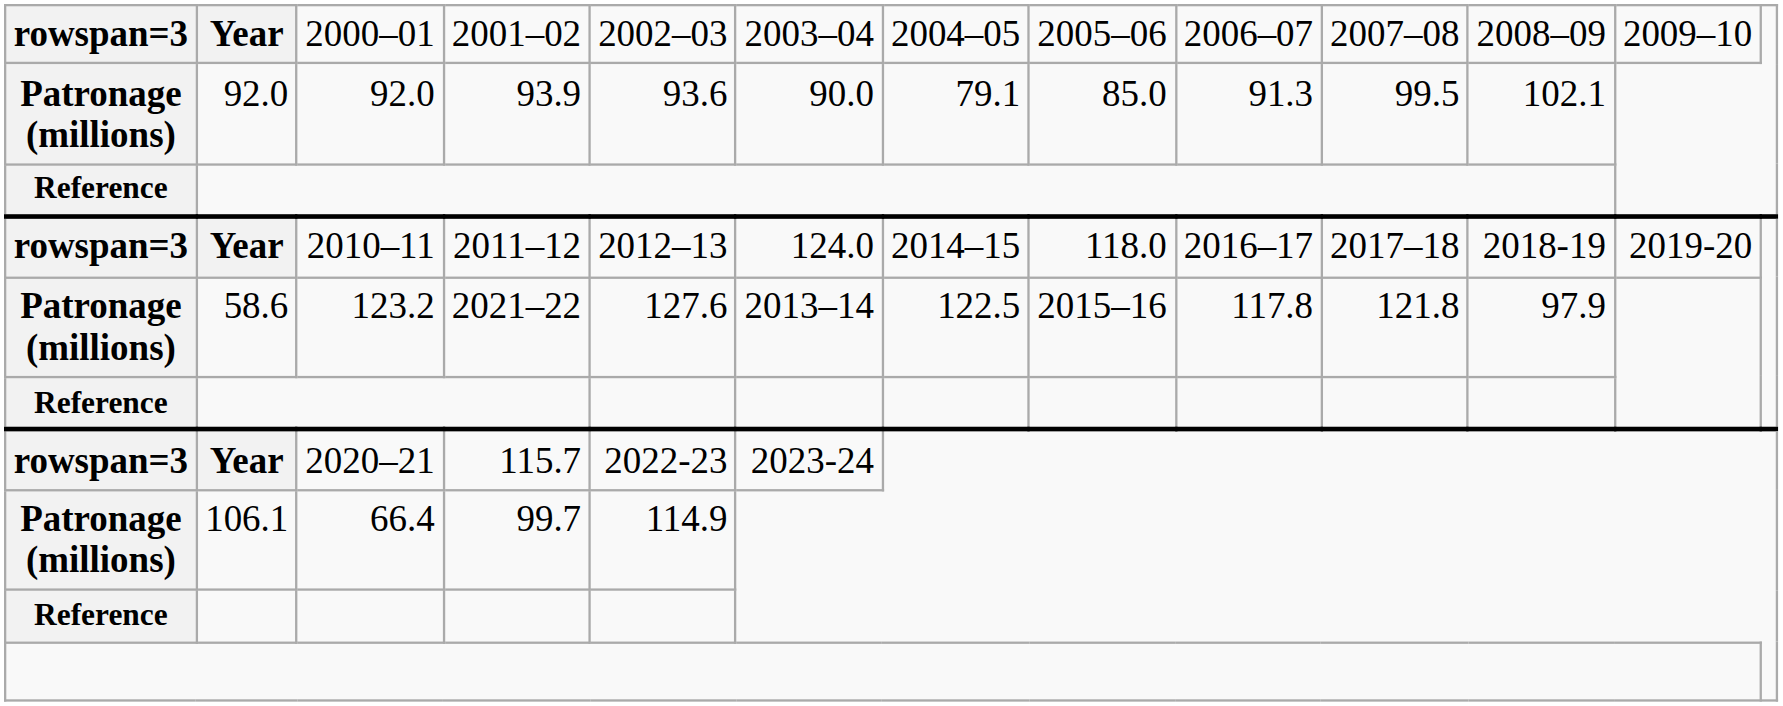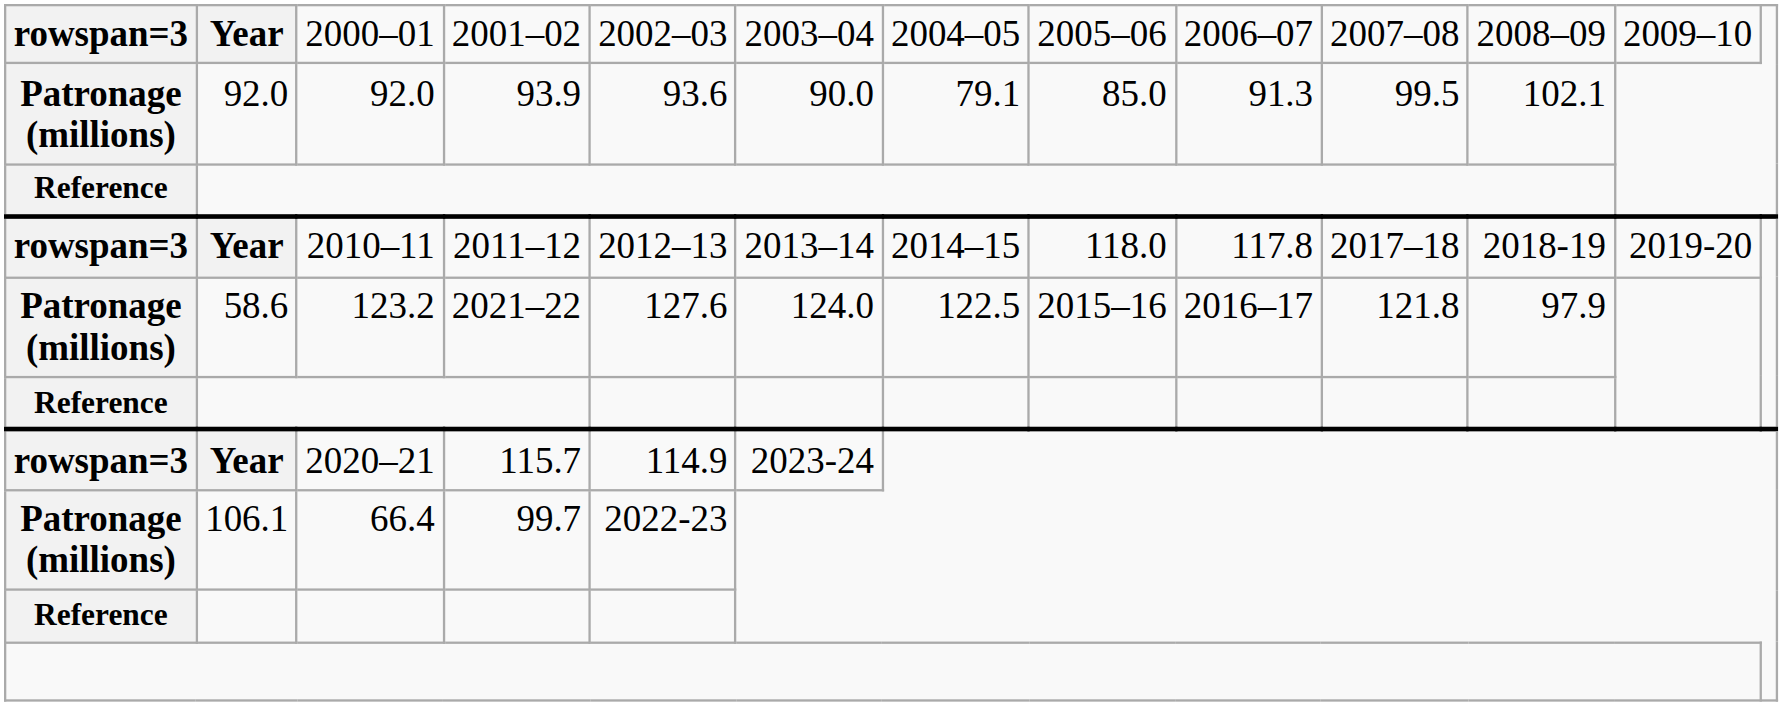 <table class="wikitable" style="text-align:right; white-space:nowrap;">
 <tr>
 <th>rowspan=3 </th>
 <th>Year</th>
 <td>2000–01</td>
 <td>2001–02</td>
 <td>2002–03</td>
 <td>2003–04</td>
 <td>2004–05</td>
 <td>2005–06</td>
 <td>2006–07</td>
 <td>2007–08</td>
 <td>2008–09</td>
 <td>2009–10</td>
 </tr>
 <tr style="vertical-align: top;">
 <th>Patronage<br><span>(millions)</span></th>
 <td>92.0</td>
 <td>92.0</td>
 <td>93.9</td>
 <td>93.6</td>
 <td>90.0<br></td>
 <td>79.1<br></td>
 <td>85.0</td>
 <td>91.3</td>
 <td>99.5</td>
 <td>102.1</td>
 </tr>
 <tr style="font-size:85%">
 <th>Reference</th>
 <td colspan="10"><br></td>
 </tr>
 <tr style="border-top:2px solid">
 <th>rowspan=3 </th>
 <th>Year</th>
 <td>2010–11</td>
 <td>2011–12</td>
 <td>2012–13</td>
-<td>124.0</td>
+<td>2013–14</td>
 <td>2014–15</td>
 <td>118.0</td>
-<td>2016–17</td>
+<td>117.8</td>
 <td>2017–18</td>
 <td>2018-19</td>
 <td>2019-20</td>
 <td rowspan="3" colspan="2"></td>
 </tr>
 <tr style="vertical-align: top;">
 <th>Patronage<br><span>(millions)</span></th>
 <td>58.6 <br></td>
 <td>123.2</td>
 <td>2021–22</td>
 <td>127.6</td>
-<td>2013–14</td>
+<td>124.0</td>
 <td>122.5</td>
 <td>2015–16</td>
-<td>117.8</td>
+<td>2016–17</td>
 <td>121.8</td>
 <td>97.9<br></td>
 </tr>
 <tr style="font-size:85%">
 <th>Reference</th>
 <td colspan="3"><br></td>
 <td><br></td>
 <td><br></td>
 <td><br></td>
 <td><br></td>
 <td><br></td>
 <td><br></td>
 <td><br></td>
 </tr>
 <tr style="border-top:2px solid">
 <th>rowspan=3 </th>
 <th>Year</th>
 <td>2020–21</td>
 <td>115.7</td>
-<td>2022-23</td>
+<td>114.9</td>
 <td>2023-24</td>
 </tr>
 <tr style="vertical-align: top;">
 <th>Patronage<br><span>(millions)</span></th>
 <td>106.1</td>
 <td>66.4 <br></td>
 <td>99.7 <br></td>
-<td>114.9</td>
+<td>2022-23</td>
 </tr>
 <tr style="font-size:85%">
 <th>Reference<br></th>
 <td><br></td>
 <td><br></td>
 <td><br></td>
 <td></td>
 </tr>
 <tr>
 <td colspan="12" style="text-align:center;"><br></td>
 </tr>
 </table>
